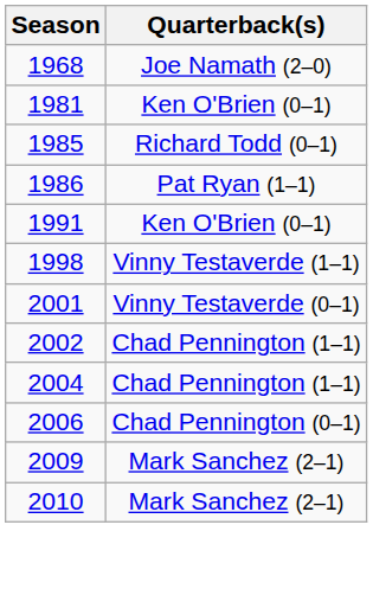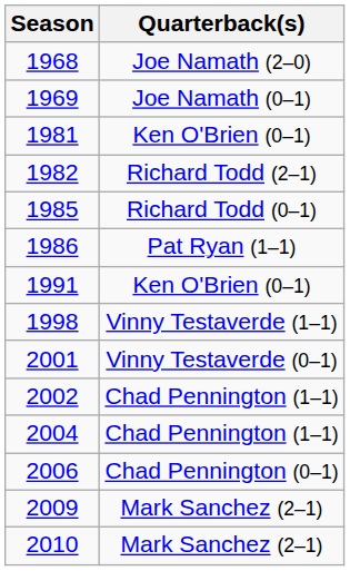 <table class="wikitable" style="text-align:center">
 <tr>
 <th>Season</th>
 <th>Quarterback(s)</th>
 </tr>
 <tr>
 <td><a href='#'>1968</a></td>
 <td><a href='#'>Joe Namath</a> <small>(2–0)</small></td>
 </tr>
 <tr>
+<td><a href='#'>1969</a></td>
+<td><a href='#'>Joe Namath</a> <small>(0–1)</small></td>
+</tr>
+<tr>
 <td><a href='#'>1981</a></td>
 <td><a href='#'>Ken O'Brien</a> <small>(0–1)</small></td>
+</tr>
+<tr>
+<td><a href='#'>1982</a></td>
+<td><a href='#'>Richard Todd</a> <small>(2–1)</small></td>
 </tr>
 <tr>
 <td><a href='#'>1985</a></td>
 <td><a href='#'>Richard Todd</a> <small>(0–1)</small></td>
 </tr>
 <tr>
 <td><a href='#'>1986</a></td>
 <td><a href='#'>Pat Ryan</a> <small>(1–1)</small></td>
 </tr>
 <tr>
 <td><a href='#'>1991</a></td>
 <td><a href='#'>Ken O'Brien</a> <small>(0–1)</small></td>
 </tr>
 <tr>
 <td><a href='#'>1998</a></td>
 <td><a href='#'>Vinny Testaverde</a> <small>(1–1)</small></td>
 </tr>
 <tr>
 <td><a href='#'>2001</a></td>
 <td><a href='#'>Vinny Testaverde</a> <small>(0–1)</small></td>
 </tr>
 <tr>
 <td><a href='#'>2002</a></td>
 <td><a href='#'>Chad Pennington</a> <small>(1–1)</small></td>
 </tr>
 <tr>
 <td><a href='#'>2004</a></td>
 <td><a href='#'>Chad Pennington</a> <small>(1–1)</small></td>
 </tr>
 <tr>
 <td><a href='#'>2006</a></td>
 <td><a href='#'>Chad Pennington</a> <small>(0–1)</small></td>
 </tr>
 <tr>
 <td><a href='#'>2009</a></td>
 <td><a href='#'>Mark Sanchez</a> <small>(2–1)</small></td>
 </tr>
 <tr>
 <td><a href='#'>2010</a></td>
 <td><a href='#'>Mark Sanchez</a> <small>(2–1)</small></td>
 </tr>
 </table>
